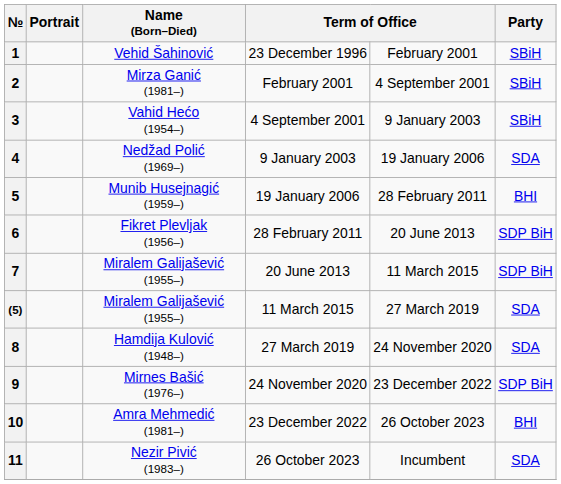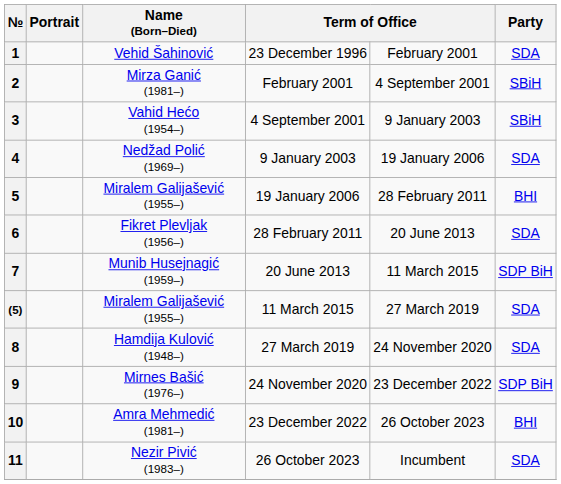 <table class="wikitable" style="text-align:center">
 <tr ->
 <th>№</th>
 <th>Portrait</th>
 <th width=180>Name<br><small>(Born–Died)</small></th>
 <th colspan=2>Term of Office</th>
 <th>Party</th>
 </tr>
 <tr ->
 <th style="background:">1</th>
 <td></td>
 <td><a href='#'>Vehid Šahinović</a></td>
 <td>23 December 1996</td>
 <td>February 2001</td>
-<td><a href='#'>SBiH</a></td>
+<td><a href='#'>SDA</a></td>
 </tr>
 <tr ->
 <th style="background:">2</th>
 <td></td>
 <td><a href='#'>Mirza Ganić</a><br><small>(1981–)</small></td>
 <td>February 2001</td>
 <td>4 September 2001</td>
 <td><a href='#'>SBiH</a></td>
 </tr>
 <tr ->
 <th style="background:">3</th>
 <td></td>
 <td><a href='#'>Vahid Hećo</a><br><small>(1954–)</small></td>
 <td>4 September 2001</td>
 <td>9 January 2003</td>
 <td><a href='#'>SBiH</a></td>
 </tr>
 <tr ->
 <th style="background:">4</th>
 <td></td>
 <td><a href='#'>Nedžad Polić</a><br><small>(1969–)</small></td>
 <td>9 January 2003</td>
 <td>19 January 2006</td>
 <td><a href='#'>SDA</a></td>
 </tr>
 <tr ->
 <th style="background:">5</th>
 <td></td>
-<td><a href='#'>Munib Husejnagić</a><br><small>(1959–)</small></td>
+<td><a href='#'>Miralem Galijašević</a><br><small>(1955–)</small></td>
 <td>19 January 2006</td>
 <td>28 February 2011</td>
 <td><a href='#'>BHI</a></td>
 </tr>
 <tr ->
 <th style="background:">6</th>
 <td></td>
 <td><a href='#'>Fikret Plevljak</a><br><small>(1956–)</small></td>
 <td>28 February 2011</td>
 <td>20 June 2013</td>
-<td><a href='#'>SDP BiH</a></td>
+<td><a href='#'>SDA</a></td>
 </tr>
 <tr ->
 <th style="background:">7</th>
 <td></td>
-<td><a href='#'>Miralem Galijašević</a><br><small>(1955–)</small></td>
+<td><a href='#'>Munib Husejnagić</a><br><small>(1959–)</small></td>
 <td>20 June 2013</td>
 <td>11 March 2015</td>
 <td><a href='#'>SDP BiH</a></td>
 </tr>
 <tr ->
 <th style="background:"><small>(5)</small></th>
 <td></td>
 <td><a href='#'>Miralem Galijašević</a><br><small>(1955–)</small></td>
 <td>11 March 2015</td>
 <td>27 March 2019</td>
 <td><a href='#'>SDA</a></td>
 </tr>
 <tr ->
 <th style="background:">8</th>
 <td></td>
 <td><a href='#'>Hamdija Kulović</a><br><small>(1948–)</small></td>
 <td>27 March 2019</td>
 <td>24 November 2020</td>
 <td><a href='#'>SDA</a></td>
 </tr>
 <tr ->
 <th style="background:">9</th>
 <td></td>
 <td><a href='#'>Mirnes Bašić</a><br><small>(1976–)</small></td>
 <td>24 November 2020</td>
 <td>23 December 2022</td>
 <td><a href='#'>SDP BiH</a></td>
 </tr>
 <tr ->
 <th style="background:">10</th>
 <td></td>
 <td><a href='#'>Amra Mehmedić</a><br><small>(1981–)</small></td>
 <td>23 December 2022</td>
 <td>26 October 2023</td>
 <td><a href='#'>BHI</a></td>
 </tr>
 <tr ->
 <th style="background:">11</th>
 <td></td>
 <td><a href='#'>Nezir Pivić</a><br><small>(1983–)</small></td>
 <td>26 October 2023</td>
 <td>Incumbent</td>
 <td><a href='#'>SDA</a></td>
 </tr>
 <tr ->
 </tr>
 </table>
